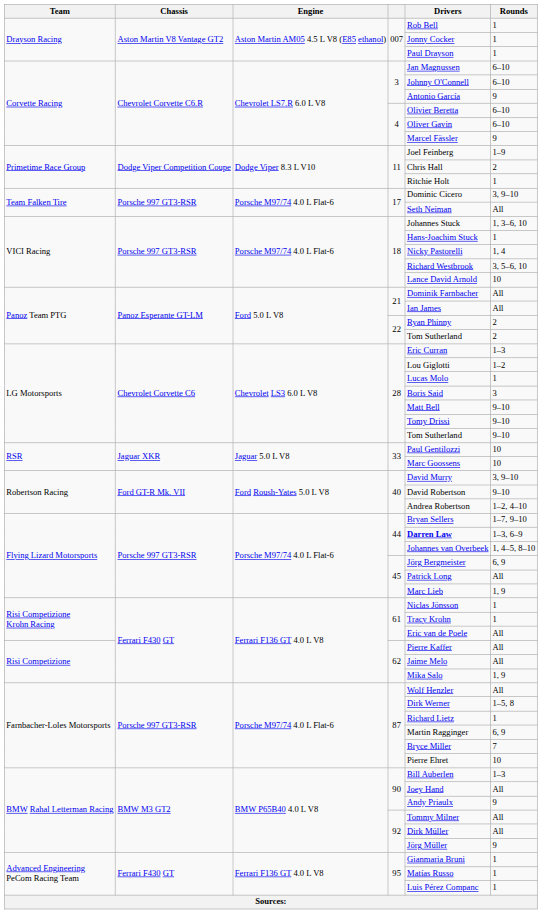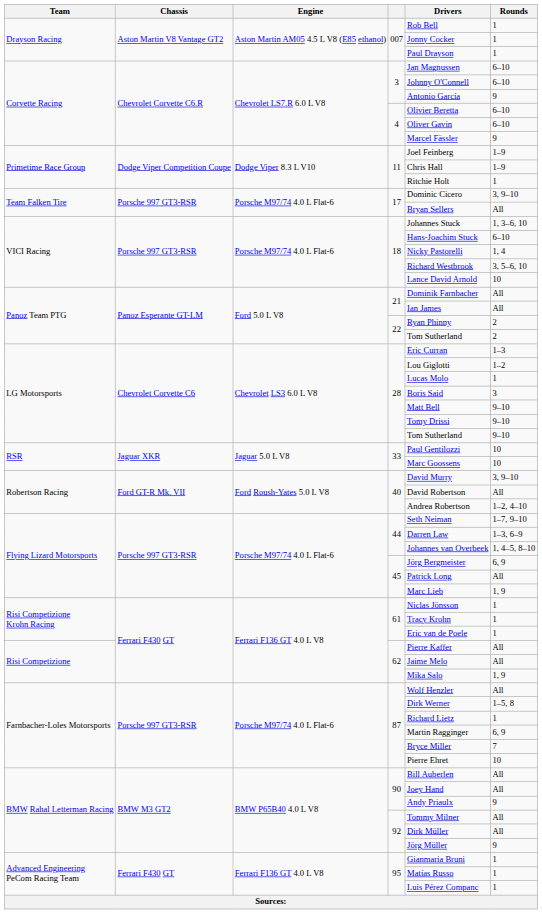 <table class="wikitable" style="font-size: 85%">
 <tr>
 <th>Team</th>
 <th>Chassis</th>
 <th>Engine</th>
 <th></th>
 <th>Drivers</th>
 <th>Rounds</th>
 </tr>
 <tr>
 <td rowspan="3"> <a href='#'>Drayson Racing</a></td>
 <td rowspan="3"><a href='#'>Aston Martin V8 Vantage GT2</a></td>
 <td rowspan="3"><a href='#'>Aston Martin AM05</a> 4.5 L V8 (<a href='#'>E85</a> <a href='#'>ethanol</a>)</td>
 <td rowspan="3" align="center">007</td>
 <td> <a href='#'>Rob Bell</a></td>
 <td>1</td>
 </tr>
 <tr>
 <td> <a href='#'>Jonny Cocker</a></td>
 <td>1</td>
 </tr>
 <tr>
 <td> <a href='#'>Paul Drayson</a></td>
 <td>1</td>
 </tr>
 <tr>
 <td rowspan="6"> <a href='#'>Corvette Racing</a></td>
 <td rowspan="6"><a href='#'>Chevrolet Corvette C6.R</a></td>
 <td rowspan="6"><a href='#'>Chevrolet LS7.R</a> 6.0 L V8</td>
 <td rowspan="3" align="center">3</td>
 <td> <a href='#'>Jan Magnussen</a></td>
 <td>6–10</td>
 </tr>
 <tr>
 <td> <a href='#'>Johnny O'Connell</a></td>
 <td>6–10</td>
 </tr>
 <tr>
 <td> <a href='#'>Antonio García</a></td>
 <td>9</td>
 </tr>
 <tr>
 <td rowspan="3" align="center">4</td>
 <td> <a href='#'>Olivier Beretta</a></td>
 <td>6–10</td>
 </tr>
 <tr>
 <td> <a href='#'>Oliver Gavin</a></td>
 <td>6–10</td>
 </tr>
 <tr>
 <td> <a href='#'>Marcel Fässler</a></td>
 <td>9</td>
 </tr>
 <tr>
 <td rowspan="3"> <a href='#'>Primetime Race Group</a></td>
 <td rowspan="3"><a href='#'>Dodge Viper Competition Coupe</a></td>
 <td rowspan="3"><a href='#'>Dodge Viper</a> 8.3 L V10</td>
 <td rowspan="3" align="center">11</td>
 <td> Joel Feinberg</td>
 <td>1–9</td>
 </tr>
 <tr>
 <td> Chris Hall</td>
-<td>2</td>
+<td>1–9</td>
 </tr>
 <tr>
 <td> Ritchie Holt</td>
 <td>1</td>
 </tr>
 <tr>
 <td rowspan="2"> <a href='#'>Team Falken Tire</a></td>
 <td rowspan="2"><a href='#'>Porsche 997 GT3-RSR</a></td>
 <td rowspan="2"><a href='#'>Porsche M97/74</a> 4.0 L Flat-6</td>
 <td rowspan="2" align="center">17</td>
 <td> Dominic Cicero</td>
 <td>3, 9–10</td>
 </tr>
 <tr>
-<td> <a href='#'>Seth Neiman</a></td>
+<td> <a href='#'>Bryan Sellers</a></td>
 <td>All</td>
 </tr>
 <tr>
 <td rowspan="5"> VICI Racing</td>
 <td rowspan="5"><a href='#'>Porsche 997 GT3-RSR</a></td>
 <td rowspan="5"><a href='#'>Porsche M97/74</a> 4.0 L Flat-6</td>
 <td rowspan="5" align="center">18</td>
 <td> Johannes Stuck</td>
 <td>1, 3–6, 10</td>
 </tr>
 <tr>
 <td> <a href='#'>Hans-Joachim Stuck</a></td>
-<td>1</td>
+<td>6–10</td>
 </tr>
 <tr>
 <td> <a href='#'>Nicky Pastorelli</a></td>
 <td>1, 4</td>
 </tr>
 <tr>
 <td> <a href='#'>Richard Westbrook</a></td>
 <td>3, 5–6, 10</td>
 </tr>
 <tr>
 <td> <a href='#'>Lance David Arnold</a></td>
 <td>10</td>
 </tr>
 <tr>
 <td rowspan="4"> <a href='#'>Panoz</a> Team PTG</td>
 <td rowspan="4"><a href='#'>Panoz Esperante GT-LM</a></td>
 <td rowspan="4"><a href='#'>Ford</a> 5.0 L V8</td>
 <td rowspan="2" align="center">21</td>
 <td> <a href='#'>Dominik Farnbacher</a></td>
 <td>All</td>
 </tr>
 <tr>
 <td> <a href='#'>Ian James</a></td>
 <td>All</td>
 </tr>
 <tr>
 <td rowspan="2" align="center">22</td>
 <td> <a href='#'>Ryan Phinny</a></td>
 <td>2</td>
 </tr>
 <tr>
 <td> Tom Sutherland</td>
 <td>2</td>
 </tr>
 <tr>
 <td rowspan="7"> LG Motorsports</td>
 <td rowspan="7"><a href='#'>Chevrolet Corvette C6</a></td>
 <td rowspan="7"><a href='#'>Chevrolet</a> <a href='#'>LS3</a> 6.0 L V8</td>
 <td rowspan="7" align="center">28</td>
 <td> <a href='#'>Eric Curran</a></td>
 <td>1–3</td>
 </tr>
 <tr>
 <td> Lou Giglotti</td>
 <td>1–2</td>
 </tr>
 <tr>
 <td> <a href='#'>Lucas Molo</a></td>
 <td>1</td>
 </tr>
 <tr>
 <td> <a href='#'>Boris Said</a></td>
 <td>3</td>
 </tr>
 <tr>
 <td> <a href='#'>Matt Bell</a></td>
 <td>9–10</td>
 </tr>
 <tr>
 <td> <a href='#'>Tomy Drissi</a></td>
 <td>9–10</td>
 </tr>
 <tr>
 <td> Tom Sutherland</td>
 <td>9–10</td>
 </tr>
 <tr>
 <td rowspan="2"> <a href='#'>RSR</a></td>
 <td rowspan="2"><a href='#'>Jaguar XKR</a></td>
 <td rowspan="2"><a href='#'>Jaguar</a> 5.0 L V8</td>
 <td rowspan="2" align="center">33</td>
 <td> <a href='#'>Paul Gentilozzi</a></td>
 <td>10</td>
 </tr>
 <tr>
 <td> <a href='#'>Marc Goossens</a></td>
 <td>10</td>
 </tr>
 <tr>
 <td rowspan="3"> Robertson Racing</td>
 <td rowspan="3"><a href='#'>Ford GT-R Mk. VII</a></td>
 <td rowspan="3"><a href='#'>Ford</a> <a href='#'>Roush-Yates</a> 5.0 L V8</td>
 <td rowspan="3" align="center">40</td>
 <td> <a href='#'>David Murry</a></td>
 <td>3, 9–10</td>
 </tr>
 <tr>
 <td> David Robertson</td>
-<td>9–10</td>
+<td>All</td>
 </tr>
 <tr>
 <td> Andrea Robertson</td>
 <td>1–2, 4–10</td>
 </tr>
 <tr>
 <td rowspan="6"> <a href='#'>Flying Lizard Motorsports</a></td>
 <td rowspan="6"><a href='#'>Porsche 997 GT3-RSR</a></td>
 <td rowspan="6"><a href='#'>Porsche M97/74</a> 4.0 L Flat-6</td>
 <td rowspan="3" align="center">44</td>
-<td> <a href='#'>Bryan Sellers</a></td>
+<td> <a href='#'>Seth Neiman</a></td>
 <td>1–7, 9–10</td>
 </tr>
 <tr>
-<td><strong> <a href='#'>Darren Law</a></strong></td>
+<td> <a href='#'>Darren Law</a></td>
 <td>1–3, 6–9</td>
 </tr>
 <tr>
 <td> <a href='#'>Johannes van Overbeek</a></td>
 <td>1, 4–5, 8–10</td>
 </tr>
 <tr>
 <td rowspan="3" align="center">45</td>
 <td> <a href='#'>Jörg Bergmeister</a></td>
 <td>6, 9</td>
 </tr>
 <tr>
 <td> <a href='#'>Patrick Long</a></td>
 <td>All</td>
 </tr>
 <tr>
 <td> <a href='#'>Marc Lieb</a></td>
 <td>1, 9</td>
 </tr>
 <tr>
 <td rowspan="3"> <a href='#'>Risi Competizione</a><br> <a href='#'>Krohn Racing</a></td>
 <td rowspan="6"><a href='#'>Ferrari F430</a> <a href='#'>GT</a></td>
 <td rowspan="6"><a href='#'>Ferrari F136 GT</a> 4.0 L V8</td>
 <td rowspan="3" align="center">61</td>
 <td> <a href='#'>Niclas Jönsson</a></td>
 <td>1</td>
 </tr>
 <tr>
 <td> <a href='#'>Tracy Krohn</a></td>
 <td>1</td>
 </tr>
 <tr>
 <td> <a href='#'>Eric van de Poele</a></td>
-<td>All</td>
+<td>1</td>
 </tr>
 <tr>
 <td rowspan="3"> <a href='#'>Risi Competizione</a></td>
 <td rowspan="3" align="center">62</td>
 <td> <a href='#'>Pierre Kaffer</a></td>
 <td>All</td>
 </tr>
 <tr>
 <td> <a href='#'>Jaime Melo</a></td>
 <td>All</td>
 </tr>
 <tr>
 <td> <a href='#'>Mika Salo</a></td>
 <td>1, 9</td>
 </tr>
 <tr>
 <td rowspan="6"> Farnbacher-Loles Motorsports</td>
 <td rowspan="6"><a href='#'>Porsche 997 GT3-RSR</a></td>
 <td rowspan="6"><a href='#'>Porsche M97/74</a> 4.0 L Flat-6</td>
 <td rowspan="6" align="center">87</td>
 <td> <a href='#'>Wolf Henzler</a></td>
 <td>All</td>
 </tr>
 <tr>
 <td> <a href='#'>Dirk Werner</a></td>
 <td>1–5, 8</td>
 </tr>
 <tr>
 <td> <a href='#'>Richard Lietz</a></td>
 <td>1</td>
 </tr>
 <tr>
 <td> Martin Ragginger</td>
 <td>6, 9</td>
 </tr>
 <tr>
 <td> <a href='#'>Bryce Miller</a></td>
 <td>7</td>
 </tr>
 <tr>
 <td> Pierre Ehret</td>
 <td>10</td>
 </tr>
 <tr>
 <td rowspan="6"> <a href='#'>BMW</a> <a href='#'>Rahal Letterman Racing</a></td>
 <td rowspan="6"><a href='#'>BMW M3 GT2</a></td>
 <td rowspan="6"><a href='#'>BMW P65B40</a> 4.0 L V8</td>
 <td rowspan="3" align="center">90</td>
 <td> <a href='#'>Bill Auberlen</a></td>
-<td>1–3</td>
+<td>All</td>
 </tr>
 <tr>
 <td> <a href='#'>Joey Hand</a></td>
 <td>All</td>
 </tr>
 <tr>
 <td> <a href='#'>Andy Priaulx</a></td>
 <td>9</td>
 </tr>
 <tr>
 <td rowspan="3" align="center">92</td>
 <td> <a href='#'>Tommy Milner</a></td>
 <td>All</td>
 </tr>
 <tr>
 <td> <a href='#'>Dirk Müller</a></td>
 <td>All</td>
 </tr>
 <tr>
 <td> <a href='#'>Jörg Müller</a></td>
 <td>9</td>
 </tr>
 <tr>
 <td rowspan="3"> <a href='#'>Advanced Engineering</a><br> PeCom Racing Team</td>
 <td rowspan="3"><a href='#'>Ferrari F430</a> <a href='#'>GT</a></td>
 <td rowspan="3"><a href='#'>Ferrari F136 GT</a> 4.0 L V8</td>
 <td rowspan="3" align="center">95</td>
 <td> <a href='#'>Gianmaria Bruni</a></td>
 <td>1</td>
 </tr>
 <tr>
 <td> <a href='#'>Matías Russo</a></td>
 <td>1</td>
 </tr>
 <tr>
 <td> <a href='#'>Luis Pérez Companc</a></td>
 <td>1</td>
 </tr>
 <tr>
 <th colspan="6">Sources:</th>
 </tr>
 </table>
